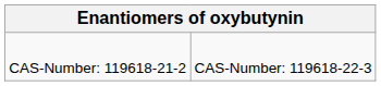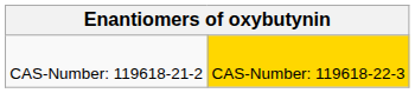 <table class="wikitable" style="text-align:center">
 <tr class="hintergrundfarbe6">
 <th colspan="2">Enantiomers of oxybutynin</th>
 </tr>
 <tr>
 <td><br><small> CAS-Number: 119618-21-2</small></td>
-<td><br><small> CAS-Number: 119618-22-3</small></td>
+<td style="background: gold;"><br><small> CAS-Number: 119618-22-3</small></td>
 </tr>
 </table>
